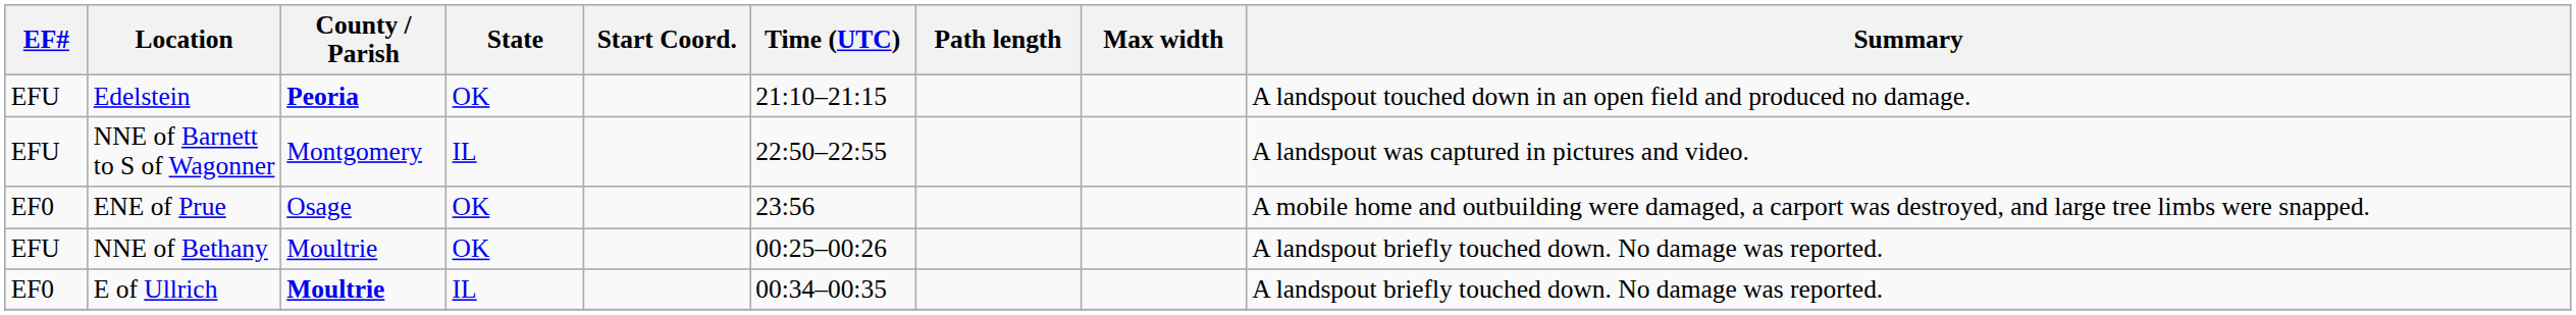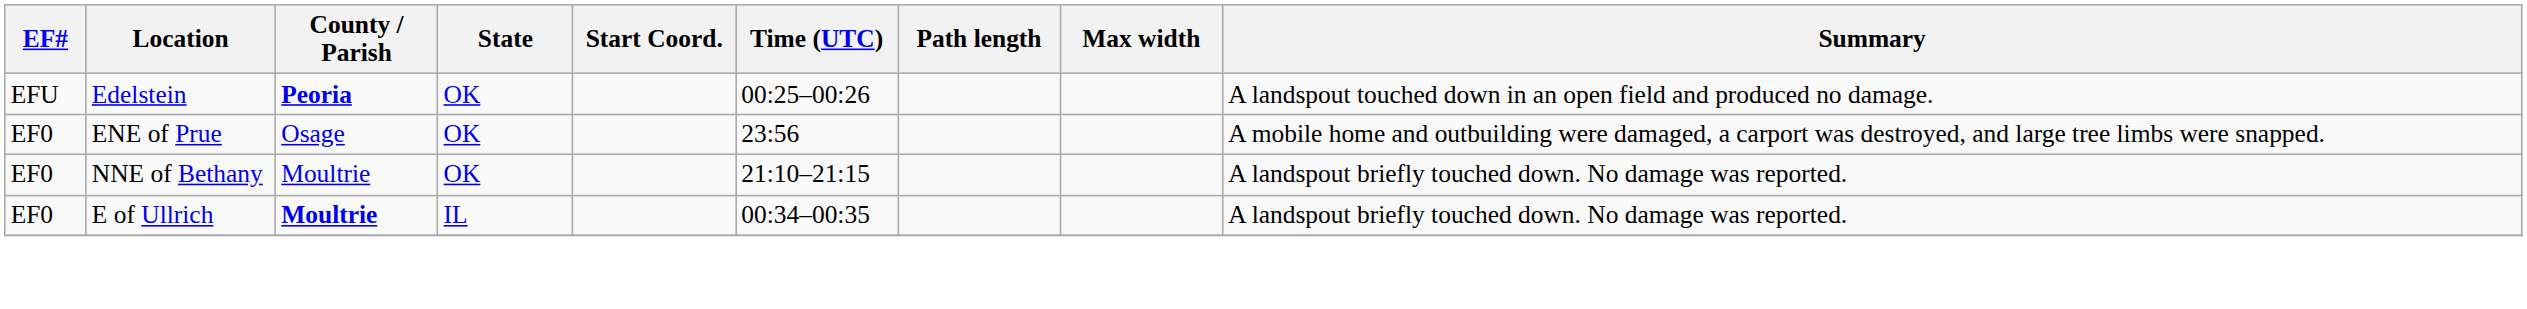 <table class="wikitable sortable" style="width:100%;">
 <tr>
 <th scope="col"  style="width:3%; text-align:center;"><a href='#'>EF#</a></th>
 <th scope="col"  style="width:7%; text-align:center;" class="unsortable">Location</th>
 <th scope="col"  style="width:6%; text-align:center;" class="unsortable">County / Parish</th>
 <th scope="col"  style="width:5%; text-align:center;">State</th>
 <th scope="col"  style="width:6%; text-align:center;">Start Coord.</th>
 <th scope="col"  style="width:6%; text-align:center;">Time (<a href='#'>UTC</a>)</th>
 <th scope="col"  style="width:6%; text-align:center;">Path length</th>
 <th scope="col"  style="width:6%; text-align:center;">Max width</th>
 <th scope="col" class="unsortable" style="width:48%; text-align:center;">Summary</th>
 </tr>
 <tr>
 <td>EFU</td>
 <td><a href='#'>Edelstein</a></td>
 <td><strong><a href='#'>Peoria</a></strong></td>
 <td><a href='#'>OK</a></td>
 <td></td>
-<td>21:10–21:15</td>
+<td>00:25–00:26</td>
 <td></td>
 <td></td>
 <td>A landspout touched down in an open field and produced no damage.</td>
-</tr>
-<tr>
-<td>EFU</td>
-<td>NNE of <a href='#'>Barnett</a> to S of <a href='#'>Wagonner</a></td>
-<td><a href='#'>Montgomery</a></td>
-<td><a href='#'>IL</a></td>
-<td></td>
-<td>22:50–22:55</td>
-<td></td>
-<td></td>
-<td>A landspout was captured in pictures and video.</td>
 </tr>
 <tr>
 <td>EF0</td>
 <td>ENE of <a href='#'>Prue</a></td>
 <td><a href='#'>Osage</a></td>
 <td><a href='#'>OK</a></td>
 <td></td>
 <td>23:56</td>
 <td></td>
 <td></td>
 <td>A mobile home and outbuilding were damaged, a carport was destroyed, and large tree limbs were snapped.</td>
 </tr>
 <tr>
-<td>EFU</td>
+<td>EF0</td>
 <td>NNE of <a href='#'>Bethany</a></td>
 <td><a href='#'>Moultrie</a></td>
 <td><a href='#'>OK</a></td>
 <td></td>
-<td>00:25–00:26</td>
+<td>21:10–21:15</td>
 <td></td>
 <td></td>
 <td>A landspout briefly touched down. No damage was reported.</td>
 </tr>
 <tr>
 <td>EF0</td>
 <td>E of <a href='#'>Ullrich</a></td>
 <td><strong><a href='#'>Moultrie</a></strong></td>
 <td><a href='#'>IL</a></td>
 <td></td>
 <td>00:34–00:35</td>
 <td></td>
 <td></td>
 <td>A landspout briefly touched down. No damage was reported.</td>
 </tr>
 <tr>
 </tr>
 </table>
